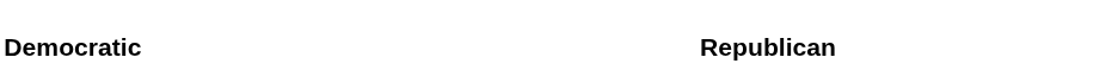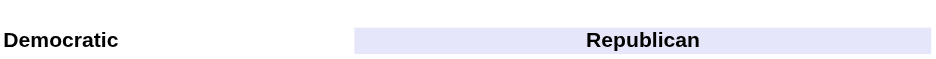 <table style="width:100%; text-align:center">
 <tr style="color:white">
 <td style="background:"><strong>255</strong></td>
 <td style="background:"><strong>180</strong></td>
 </tr>
 <tr>
 <td><span><strong>Democratic</strong></span></td>
-<td><span><strong>Republican</strong></span></td>
+<td style="background: lavender;"><span><strong>Republican</strong></span></td>
 </tr>
 </table>
